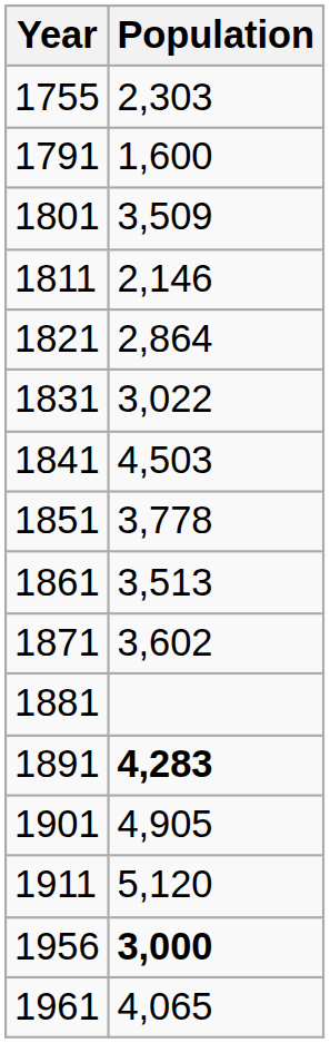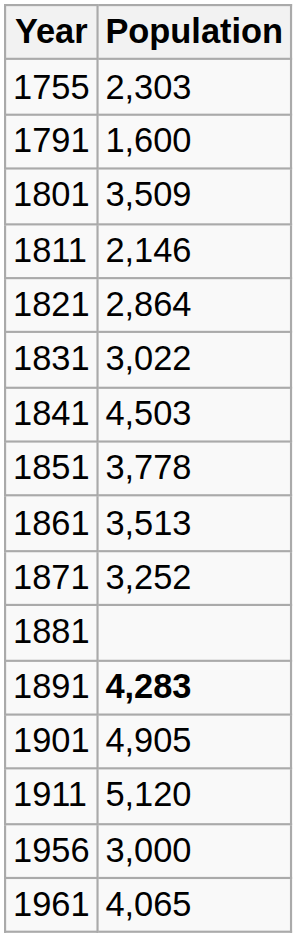 <table class="wikitable" style="display:left; margin-right:1.4em;">
 <tr>
 <th>Year</th>
 <th>Population</th>
 </tr>
 <tr>
 <td>1755</td>
 <td>2,303</td>
 </tr>
 <tr>
 <td>1791</td>
 <td>1,600</td>
 </tr>
 <tr>
 <td>1801</td>
 <td>3,509</td>
 </tr>
 <tr>
 <td>1811</td>
 <td>2,146</td>
 </tr>
 <tr>
 <td>1821</td>
 <td>2,864</td>
 </tr>
 <tr>
 <td>1831</td>
 <td>3,022</td>
 </tr>
 <tr>
 <td>1841</td>
 <td>4,503</td>
 </tr>
 <tr>
 <td>1851</td>
 <td>3,778</td>
 </tr>
 <tr>
 <td>1861</td>
 <td>3,513</td>
 </tr>
 <tr>
 <td>1871</td>
-<td>3,602</td>
+<td>3,252</td>
 </tr>
 <tr>
 <td>1881</td>
 <td></td>
 </tr>
 <tr>
 <td>1891</td>
 <td><strong>4,283</strong></td>
 </tr>
 <tr>
 <td>1901</td>
 <td>4,905</td>
 </tr>
 <tr>
 <td>1911</td>
 <td>5,120</td>
 </tr>
 <tr>
 <td>1956</td>
-<td><strong>3,000</strong></td>
+<td>3,000</td>
 </tr>
 <tr>
 <td>1961</td>
 <td>4,065</td>
 </tr>
 </table>
